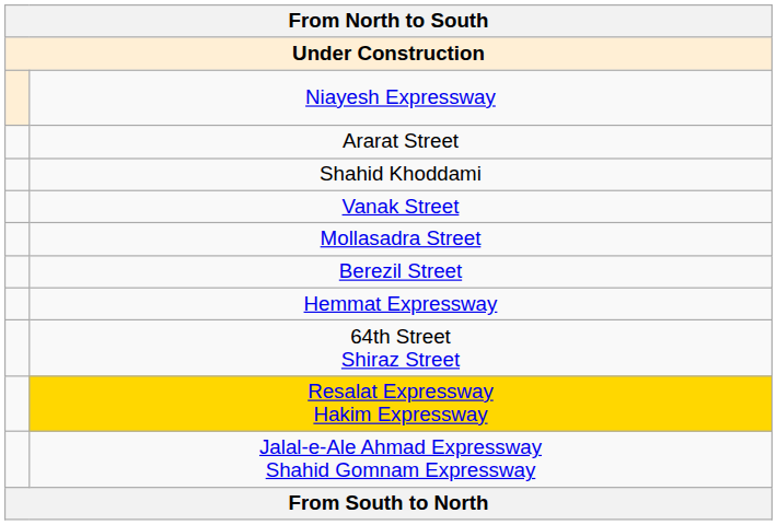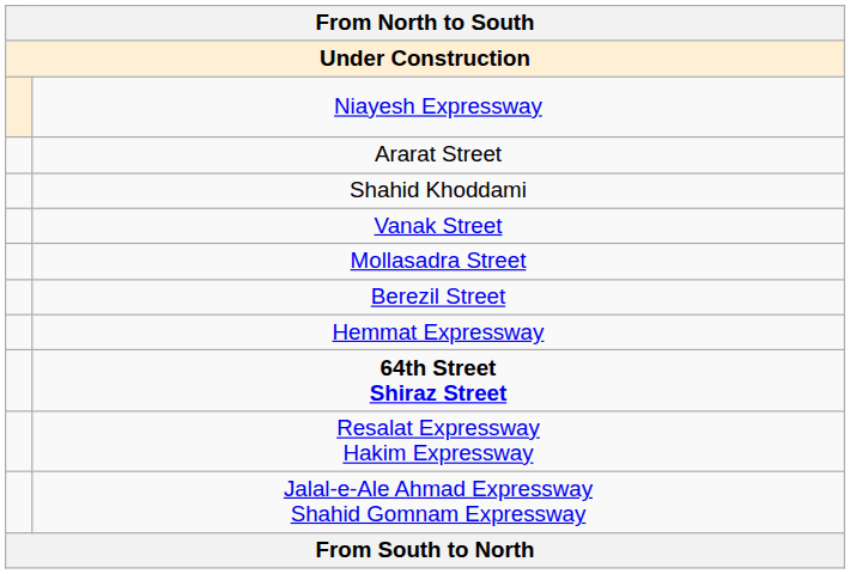 <table class="wikitable" style="text-align:center" width="600px">
 <tr>
 <th text-align="center" colspan="3"> From North to South </th>
 </tr>
 <tr>
 <td text-align="center" colspan="3" bgcolor="#FFEFD5"> <strong>Under Construction</strong> </td>
 </tr>
 <tr>
 <td align="center" bgcolor="#FFEFD5"><br><br></td>
 <td> <a href='#'>Niayesh Expressway</a></td>
 </tr>
 <tr>
 <td></td>
 <td> Ararat Street</td>
 </tr>
 <tr>
 <td></td>
 <td> Shahid Khoddami</td>
 </tr>
 <tr>
 <td></td>
 <td> <a href='#'>Vanak Street</a></td>
 </tr>
 <tr>
 <td></td>
 <td> <a href='#'>Mollasadra Street</a></td>
 </tr>
 <tr>
 <td></td>
 <td> <a href='#'>Berezil Street</a></td>
 </tr>
 <tr>
 <td></td>
 <td> <a href='#'>Hemmat Expressway</a></td>
 </tr>
 <tr>
 <td></td>
-<td> 64th Street<br> <a href='#'>Shiraz Street</a></td>
+<td><strong> 64th Street<br> <a href='#'>Shiraz Street</a></strong></td>
 </tr>
 <tr>
 <td></td>
-<td style="background: gold;"> <a href='#'>Resalat Expressway</a><br> <a href='#'>Hakim Expressway</a></td>
+<td> <a href='#'>Resalat Expressway</a><br> <a href='#'>Hakim Expressway</a></td>
 </tr>
 <tr>
 <td><br></td>
 <td> <a href='#'>Jalal-e-Ale Ahmad Expressway</a><br> <a href='#'>Shahid Gomnam Expressway</a></td>
 </tr>
 <tr>
 <th text-align="center" colspan="3"> From South to North </th>
 </tr>
 </table>
